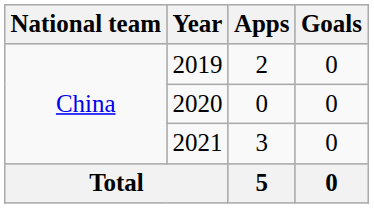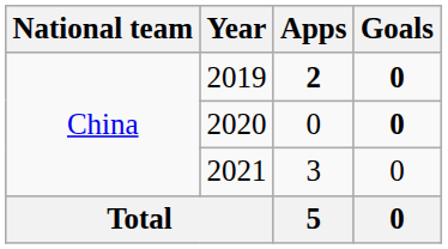 <table class="wikitable" style="text-align:center">
 <tr>
 <th>National team</th>
 <th>Year</th>
 <th>Apps</th>
 <th>Goals</th>
 </tr>
 <tr>
 <td rowspan="3"><a href='#'>China</a></td>
 <td>2019</td>
-<td>2</td>
-<td>0</td>
+<td><strong>2</strong></td>
+<td><strong>0</strong></td>
 </tr>
 <tr>
 <td>2020</td>
 <td>0</td>
-<td>0</td>
+<td><strong>0</strong></td>
 </tr>
 <tr>
 <td>2021</td>
 <td>3</td>
 <td>0</td>
 </tr>
 <tr>
 <th colspan=2>Total</th>
 <th>5</th>
 <th>0</th>
 </tr>
 </table>
